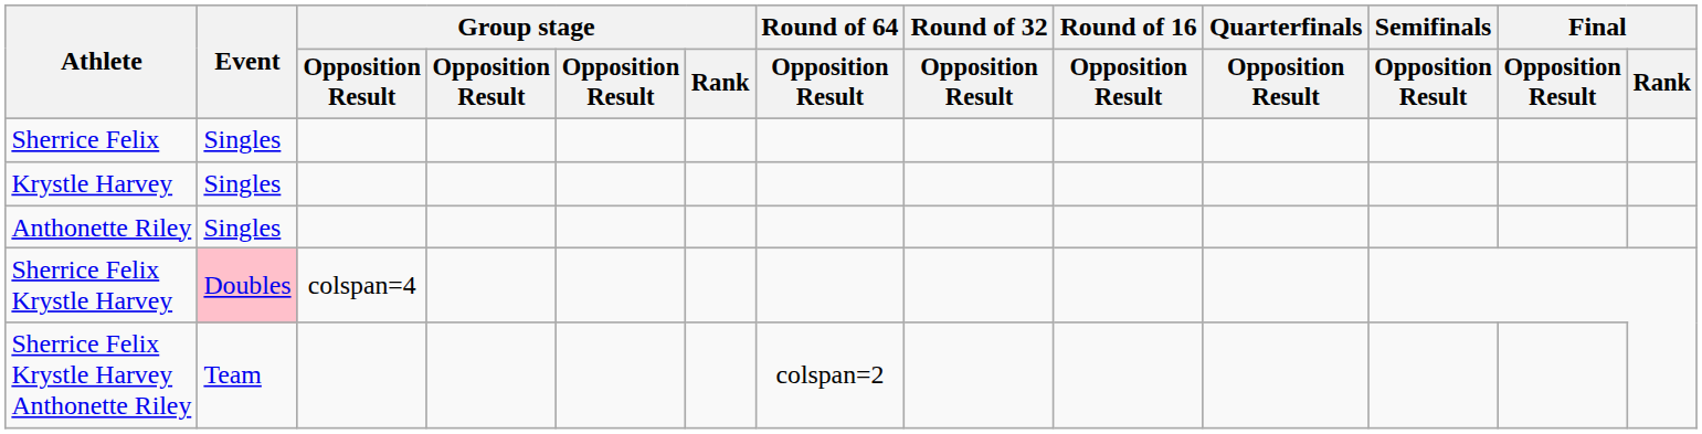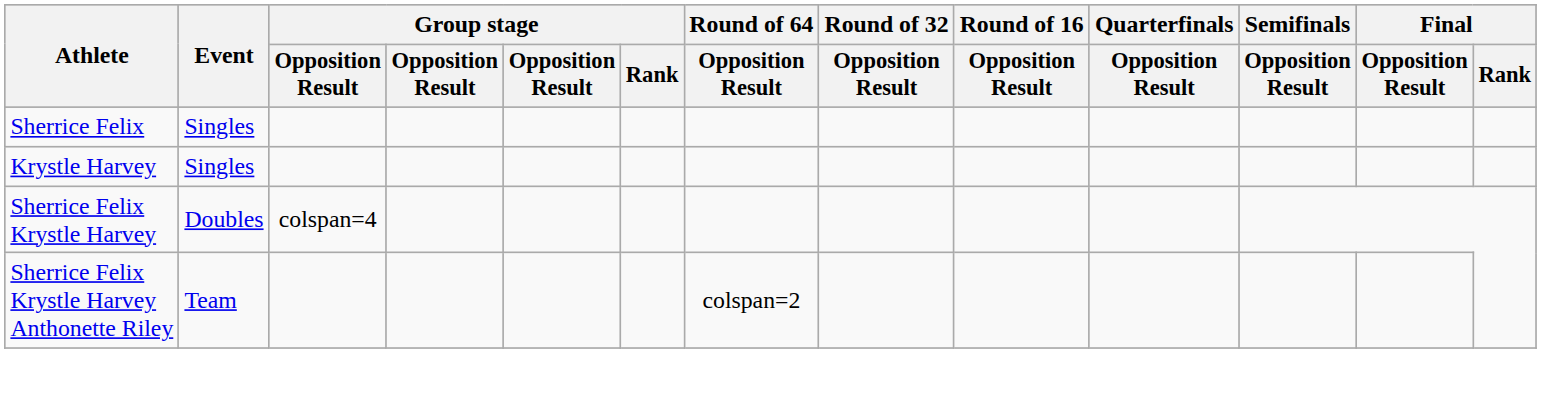 <table class="wikitable" style="font-size:90%">
 <tr>
 <th rowspan=2>Athlete</th>
 <th rowspan=2>Event</th>
 <th colspan=4>Group stage</th>
 <th>Round of 64</th>
 <th>Round of 32</th>
 <th>Round of 16</th>
 <th>Quarterfinals</th>
 <th>Semifinals</th>
 <th colspan=2>Final</th>
 </tr>
 <tr style="font-size:95%">
 <th>Opposition<br>Result</th>
 <th>Opposition<br>Result</th>
 <th>Opposition<br>Result</th>
 <th>Rank</th>
 <th>Opposition<br>Result</th>
 <th>Opposition<br>Result</th>
 <th>Opposition<br>Result</th>
 <th>Opposition<br>Result</th>
 <th>Opposition<br>Result</th>
 <th>Opposition<br>Result</th>
 <th>Rank</th>
 </tr>
 <tr align=center>
 <td align=left><a href='#'>Sherrice Felix</a></td>
 <td align=left><a href='#'>Singles</a></td>
 <td></td>
 <td></td>
 <td></td>
 <td></td>
 <td></td>
 <td></td>
 <td></td>
 <td></td>
 <td></td>
 <td></td>
 <td></td>
 </tr>
 <tr align=center>
 <td align=left><a href='#'>Krystle Harvey</a></td>
 <td align=left><a href='#'>Singles</a></td>
 <td></td>
 <td></td>
 <td></td>
 <td></td>
 <td></td>
 <td></td>
 <td></td>
 <td></td>
 <td></td>
 <td></td>
 <td></td>
 </tr>
 <tr align=center>
-<td align=left><a href='#'>Anthonette Riley</a></td>
-<td align=left><a href='#'>Singles</a></td>
-<td></td>
-<td></td>
-<td></td>
-<td></td>
-<td></td>
-<td></td>
-<td></td>
-<td></td>
-<td></td>
-<td></td>
-<td></td>
-</tr>
-<tr align=center>
 <td align=left><a href='#'>Sherrice Felix</a><br><a href='#'>Krystle Harvey</a></td>
-<td align=left style="background: pink;"><a href='#'>Doubles</a></td>
+<td align=left><a href='#'>Doubles</a></td>
 <td>colspan=4 </td>
 <td></td>
 <td></td>
 <td></td>
 <td></td>
 <td></td>
 <td></td>
 <td></td>
 </tr>
 <tr align=center>
 <td align=left><a href='#'>Sherrice Felix</a><br><a href='#'>Krystle Harvey</a><br><a href='#'>Anthonette Riley</a></td>
 <td align=left><a href='#'>Team</a></td>
 <td></td>
 <td></td>
 <td></td>
 <td></td>
 <td>colspan=2 </td>
 <td></td>
 <td></td>
 <td></td>
 <td></td>
 <td></td>
 </tr>
 </table>
